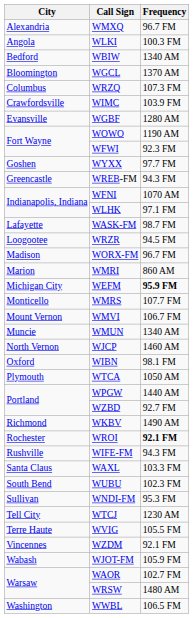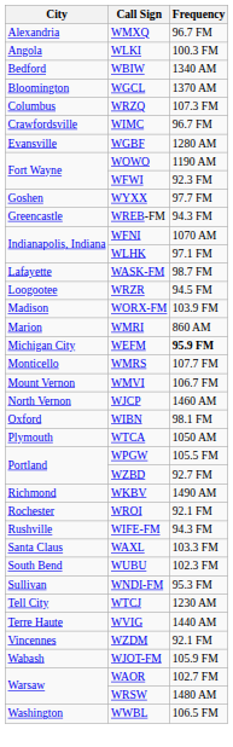 <table class="wikitable">
 <tr>
 <th scope="col">City</th>
 <th scope="col">Call Sign</th>
 <th scope="col">Frequency</th>
 </tr>
 <tr>
 <td><a href='#'>Alexandria</a></td>
 <td><a href='#'>WMXQ</a></td>
 <td>96.7 FM</td>
 </tr>
 <tr>
 <td><a href='#'>Angola</a></td>
 <td><a href='#'>WLKI</a></td>
 <td>100.3 FM</td>
 </tr>
 <tr>
 <td><a href='#'>Bedford</a></td>
 <td><a href='#'>WBIW</a></td>
 <td>1340 AM</td>
 </tr>
 <tr>
 <td><a href='#'>Bloomington</a></td>
 <td><a href='#'>WGCL</a></td>
 <td>1370 AM</td>
 </tr>
 <tr>
 <td><a href='#'>Columbus</a></td>
 <td><a href='#'>WRZQ</a></td>
 <td>107.3 FM</td>
 </tr>
 <tr>
 <td><a href='#'>Crawfordsville</a></td>
 <td><a href='#'>WIMC</a></td>
-<td>103.9 FM</td>
+<td>96.7 FM</td>
 </tr>
 <tr>
 <td><a href='#'>Evansville</a></td>
 <td><a href='#'>WGBF</a></td>
 <td>1280 AM</td>
 </tr>
 <tr>
 <td rowspan=2><a href='#'>Fort Wayne</a></td>
 <td><a href='#'>WOWO</a></td>
 <td>1190 AM</td>
 </tr>
 <tr>
 <td><a href='#'>WFWI</a></td>
 <td>92.3 FM</td>
 </tr>
 <tr>
 <td><a href='#'>Goshen</a></td>
 <td><a href='#'>WYXX</a></td>
 <td>97.7 FM</td>
 </tr>
 <tr>
 <td><a href='#'>Greencastle</a></td>
 <td><a href='#'>WREB</a>-FM</td>
 <td>94.3 FM</td>
 </tr>
 <tr>
 <td rowspan=2><a href='#'>Indianapolis, Indiana</a></td>
 <td><a href='#'>WFNI</a></td>
 <td>1070 AM</td>
 </tr>
 <tr>
 <td><a href='#'>WLHK</a></td>
 <td>97.1 FM</td>
 </tr>
 <tr>
 <td><a href='#'>Lafayette</a></td>
 <td><a href='#'>WASK-FM</a></td>
 <td>98.7 FM</td>
 </tr>
 <tr>
 <td><a href='#'>Loogootee</a></td>
 <td><a href='#'>WRZR</a></td>
 <td>94.5 FM</td>
 </tr>
 <tr>
 <td><a href='#'>Madison</a></td>
 <td><a href='#'>WORX-FM</a></td>
-<td>96.7 FM</td>
+<td>103.9 FM</td>
 </tr>
 <tr>
 <td><a href='#'>Marion</a></td>
 <td><a href='#'>WMRI</a></td>
 <td>860 AM</td>
 </tr>
 <tr>
 <td><a href='#'>Michigan City</a></td>
 <td><a href='#'>WEFM</a></td>
 <td><strong>95.9 FM</strong></td>
 </tr>
 <tr>
 <td><a href='#'>Monticello</a></td>
 <td><a href='#'>WMRS</a></td>
 <td>107.7 FM</td>
 </tr>
 <tr>
 <td><a href='#'>Mount Vernon</a></td>
 <td><a href='#'>WMVI</a></td>
 <td>106.7 FM</td>
 </tr>
 <tr>
-<td><a href='#'>Muncie</a></td>
-<td><a href='#'>WMUN</a></td>
-<td>1340 AM</td>
-</tr>
-<tr>
 <td><a href='#'>North Vernon</a></td>
 <td><a href='#'>WJCP</a></td>
 <td>1460 AM</td>
 </tr>
 <tr>
 <td><a href='#'>Oxford</a></td>
 <td><a href='#'>WIBN</a></td>
 <td>98.1 FM</td>
 </tr>
 <tr>
 <td><a href='#'>Plymouth</a></td>
 <td><a href='#'>WTCA</a></td>
 <td>1050 AM</td>
 </tr>
 <tr>
 <td rowspan=2><a href='#'>Portland</a></td>
 <td><a href='#'>WPGW</a></td>
-<td>1440 AM</td>
+<td>105.5 FM</td>
 </tr>
 <tr>
 <td><a href='#'>WZBD</a></td>
 <td>92.7 FM</td>
 </tr>
 <tr>
 <td><a href='#'>Richmond</a></td>
 <td><a href='#'>WKBV</a></td>
 <td>1490 AM</td>
 </tr>
 <tr>
 <td><a href='#'>Rochester</a></td>
 <td><a href='#'>WROI</a></td>
-<td><strong>92.1 FM</strong></td>
+<td>92.1 FM</td>
 </tr>
 <tr>
 <td><a href='#'>Rushville</a></td>
 <td><a href='#'>WIFE-FM</a></td>
 <td>94.3 FM</td>
 </tr>
 <tr>
 <td><a href='#'>Santa Claus</a></td>
 <td><a href='#'>WAXL</a></td>
 <td>103.3 FM</td>
 </tr>
 <tr>
 <td><a href='#'>South Bend</a></td>
 <td><a href='#'>WUBU</a></td>
 <td>102.3 FM</td>
 </tr>
 <tr>
 <td><a href='#'>Sullivan</a></td>
 <td><a href='#'>WNDI-FM</a></td>
 <td>95.3 FM</td>
 </tr>
 <tr>
 <td><a href='#'>Tell City</a></td>
 <td><a href='#'>WTCJ</a></td>
 <td>1230 AM</td>
 </tr>
 <tr>
 <td><a href='#'>Terre Haute</a></td>
 <td><a href='#'>WVIG</a></td>
-<td>105.5 FM</td>
+<td>1440 AM</td>
 </tr>
 <tr>
 <td><a href='#'>Vincennes</a></td>
 <td><a href='#'>WZDM</a></td>
 <td>92.1 FM</td>
 </tr>
 <tr>
 <td><a href='#'>Wabash</a></td>
 <td><a href='#'>WJOT-FM</a></td>
 <td>105.9 FM</td>
 </tr>
 <tr>
 <td rowspan=2><a href='#'>Warsaw</a></td>
 <td><a href='#'>WAOR</a></td>
 <td>102.7 FM</td>
 </tr>
 <tr>
 <td><a href='#'>WRSW</a></td>
 <td>1480 AM</td>
 </tr>
 <tr>
 <td><a href='#'>Washington</a></td>
 <td><a href='#'>WWBL</a></td>
 <td>106.5 FM</td>
 </tr>
 </table>
